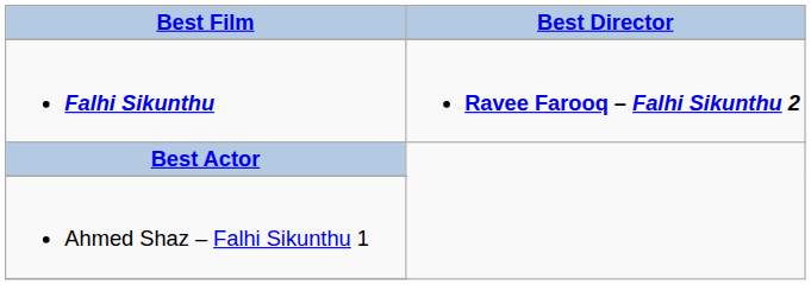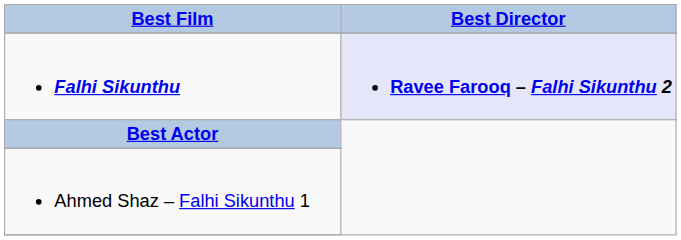 <table class="wikitable">
 <tr>
 <th style="background:#b4cae3; width:50%;"><a href='#'>Best Film</a></th>
 <th style="background:#b4cae3; width:50%;"><a href='#'>Best Director</a></th>
 </tr>
 <tr>
 </tr>
 <tr>
 <td valign="top"><br><ul><li><strong><em><a href='#'>Falhi Sikunthu</a></em></strong></li></ul></td>
-<td valign="top"><br><ul><li><strong><a href='#'>Ravee Farooq</a> – <em><a href='#'>Falhi Sikunthu</a> 2<strong><em></li></ul></td>
+<td valign="top" style="background: lavender;"><br><ul><li><strong><a href='#'>Ravee Farooq</a> – <em><a href='#'>Falhi Sikunthu</a> 2<strong><em></li></ul></td>
 </tr>
 <tr>
 <th style="background:#b4cae3; width:50%;"><a href='#'>Best Actor</a></th>
 </tr>
 <tr>
 </tr>
 <tr>
 <td valign="top"><br><ul><li></strong>Ahmed Shaz – </em><a href='#'>Falhi Sikunthu</a> 1</em></strong></li></ul></td>
 </tr>
 <tr>
 </tr>
 </table>
